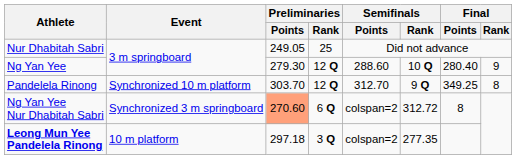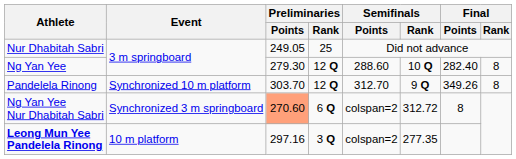 <table class=wikitable style="font-size:90%;">
 <tr>
 <th rowspan="2">Athlete</th>
 <th rowspan="2">Event</th>
 <th colspan="2">Preliminaries</th>
 <th colspan="2">Semifinals</th>
 <th colspan="2">Final</th>
 </tr>
 <tr style="font-size:95%">
 <th>Points</th>
 <th>Rank</th>
 <th>Points</th>
 <th>Rank</th>
 <th>Points</th>
 <th>Rank</th>
 </tr>
 <tr align=center>
 <td align=left><a href='#'>Nur Dhabitah Sabri</a></td>
 <td align=left rowspan=2><a href='#'>3 m springboard</a></td>
 <td>249.05</td>
 <td>25</td>
 <td colspan=4>Did not advance</td>
 </tr>
 <tr align=center>
 <td align=left><a href='#'>Ng Yan Yee</a></td>
 <td>279.30</td>
 <td>12 <strong>Q</strong></td>
 <td>288.60</td>
 <td>10 <strong>Q</strong></td>
-<td>280.40</td>
-<td>9</td>
+<td>282.40</td>
+<td>8</td>
 </tr>
 <tr align=center>
 <td align=left><a href='#'>Pandelela Rinong</a></td>
 <td align=left><a href='#'>Synchronized 10 m platform</a></td>
 <td>303.70</td>
 <td>12 <strong>Q</strong></td>
 <td>312.70</td>
 <td>9 <strong>Q</strong></td>
-<td>349.25</td>
+<td>349.26</td>
 <td>8</td>
 </tr>
 <tr align=center>
 <td align=left><a href='#'>Ng Yan Yee</a><br><a href='#'>Nur Dhabitah Sabri</a></td>
 <td align=left><a href='#'>Synchronized 3 m springboard</a></td>
 <td style="background: lightsalmon;">270.60</td>
 <td>6 <strong>Q</strong></td>
 <td>colspan=2 </td>
 <td>312.72</td>
 <td>8</td>
 </tr>
 <tr align=center>
 <td align=left><strong><a href='#'>Leong Mun Yee</a><br><a href='#'>Pandelela Rinong</a></strong></td>
 <td align=left><a href='#'>10 m platform</a></td>
-<td>297.18</td>
+<td>297.16</td>
 <td>3 <strong>Q</strong></td>
 <td>colspan=2 </td>
 <td>277.35</td>
 <td></td>
 </tr>
 </table>
